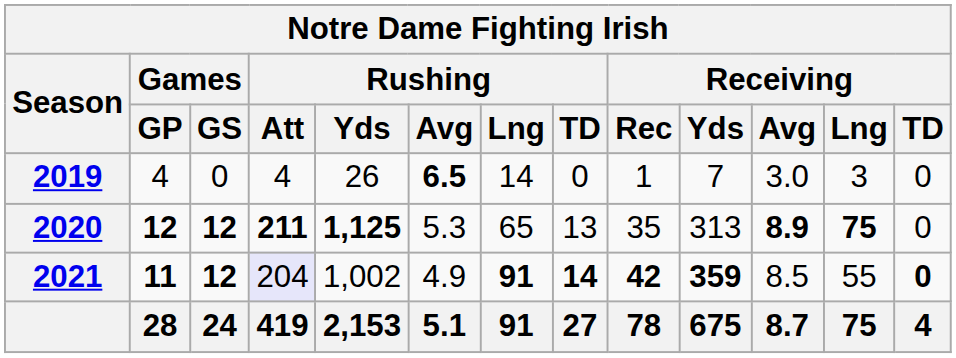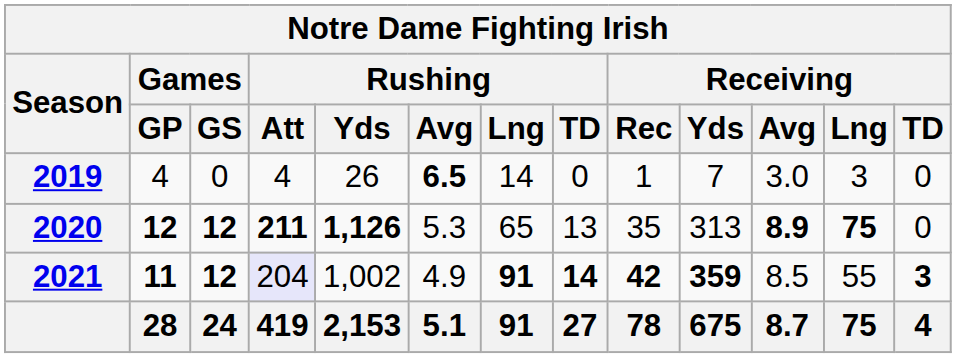 <table class="wikitable" style="text-align:center;">
 <tr>
 <th colspan="14">Notre Dame Fighting Irish</th>
 </tr>
 <tr>
 <th rowspan="2">Season</th>
 <th colspan="2">Games</th>
 <th colspan="5">Rushing</th>
 <th colspan="5">Receiving</th>
 </tr>
 <tr>
 <th>GP</th>
 <th>GS</th>
 <th>Att</th>
 <th>Yds</th>
 <th>Avg</th>
 <th>Lng</th>
 <th>TD</th>
 <th>Rec</th>
 <th>Yds</th>
 <th>Avg</th>
 <th>Lng</th>
 <th>TD</th>
 </tr>
 <tr>
 <th><a href='#'>2019</a></th>
 <td>4</td>
 <td>0</td>
 <td>4</td>
 <td>26</td>
 <td><strong>6.5</strong></td>
 <td>14</td>
 <td>0</td>
 <td>1</td>
 <td>7</td>
 <td>3.0</td>
 <td>3</td>
 <td>0</td>
 </tr>
 <tr>
 <th><a href='#'>2020</a></th>
 <td><strong>12</strong></td>
 <td><strong>12</strong></td>
 <td><strong>211</strong></td>
-<td><strong>1,125</strong></td>
+<td><strong>1,126</strong></td>
 <td>5.3</td>
 <td>65</td>
 <td>13</td>
 <td>35</td>
 <td>313</td>
 <td><strong>8.9</strong></td>
 <td><strong>75</strong></td>
 <td>0</td>
 </tr>
 <tr>
 <th><a href='#'>2021</a></th>
 <td><strong>11</strong></td>
 <td><strong>12</strong></td>
 <td style="background: lavender;">204</td>
 <td>1,002</td>
 <td>4.9</td>
 <td><strong>91</strong></td>
 <td><strong>14</strong></td>
 <td><strong>42</strong></td>
 <td><strong>359</strong></td>
 <td>8.5</td>
 <td>55</td>
-<td><strong>0</strong></td>
+<td><strong>3</strong></td>
 </tr>
 <tr>
 <th></th>
 <th>28</th>
 <th>24</th>
 <th>419</th>
 <th>2,153</th>
 <th>5.1</th>
 <th>91</th>
 <th>27</th>
 <th>78</th>
 <th>675</th>
 <th>8.7</th>
 <th>75</th>
 <th>4</th>
 </tr>
 </table>
